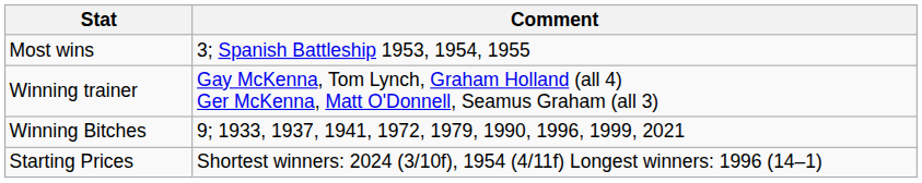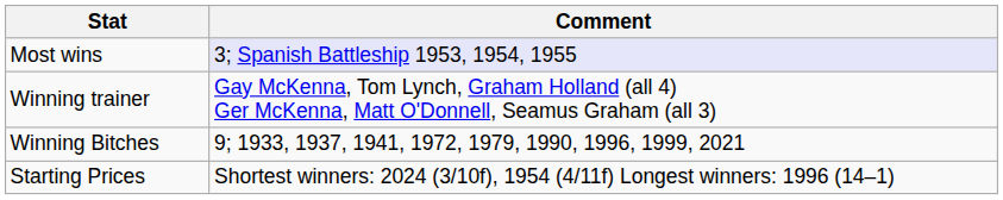 <table class="sortable wikitable">
 <tr>
 <th width="150">Stat</th>
 <th width="600">Comment</th>
 </tr>
 <tr>
 <td align=left>Most wins</td>
-<td>3; <a href='#'>Spanish Battleship</a> 1953, 1954, 1955</td>
+<td style="background: lavender;">3; <a href='#'>Spanish Battleship</a> 1953, 1954, 1955</td>
 </tr>
 <tr>
 <td align=left>Winning trainer</td>
 <td><a href='#'>Gay McKenna</a>, Tom Lynch, <a href='#'>Graham Holland</a> (all 4)<br> <a href='#'>Ger McKenna</a>, <a href='#'>Matt O'Donnell</a>, Seamus Graham  (all 3)</td>
 </tr>
 <tr>
 <td align=left>Winning Bitches</td>
 <td>9; 1933, 1937, 1941, 1972, 1979, 1990, 1996, 1999, 2021</td>
 </tr>
 <tr>
 <td align=left>Starting Prices</td>
 <td>Shortest winners: 2024 (3/10f), 1954 (4/11f) Longest winners: 1996 (14–1)</td>
 </tr>
 </table>
